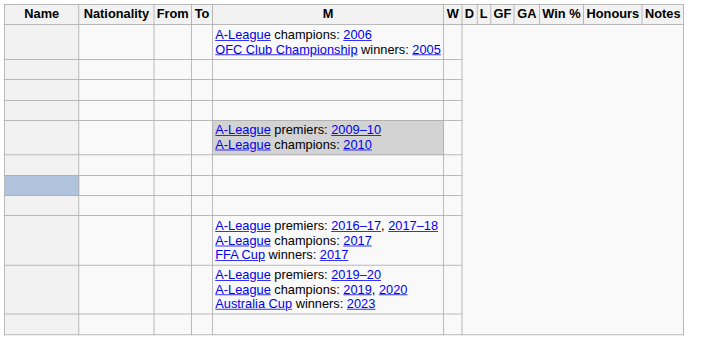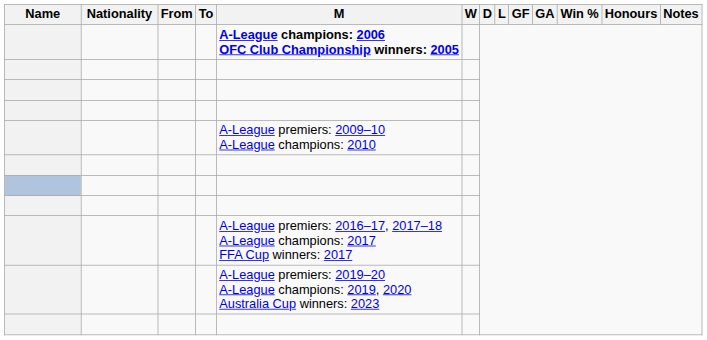 <table class="wikitable plainrowheaders sortable" style="text-align:center">
 <tr>
 <th width=11%>Name</th>
 <th width=11%>Nationality</th>
 <th>From</th>
 <th>To</th>
 <th>M</th>
 <th>W</th>
 <th>D</th>
 <th>L</th>
 <th>GF</th>
 <th>GA</th>
 <th>Win %</th>
 <th class="unsortable">Honours</th>
 <th class="unsortable">Notes</th>
 </tr>
 <tr>
 <th scope=row style=text-align:left></th>
 <td align=left></td>
 <td align=left></td>
 <td align=left><br></td>
-<td align=left><a href='#'>A-League</a> champions: <a href='#'>2006</a><br><a href='#'>OFC Club Championship</a> winners: <a href='#'>2005</a></td>
+<td align=left><strong><a href='#'>A-League</a> champions: <a href='#'>2006</a><br><a href='#'>OFC Club Championship</a> winners: <a href='#'>2005</a></strong></td>
 <td></td>
 </tr>
 <tr>
 <th scope=row style=text-align:left></th>
 <td align=left></td>
 <td align=left></td>
 <td align=left><br></td>
 <td></td>
 <td></td>
 </tr>
 <tr>
 <th scope=row style=text-align:left></th>
 <td align=left></td>
 <td align=left></td>
 <td align=left><br></td>
 <td></td>
 <td></td>
 </tr>
 <tr>
 <th scope=row style=text-align:left></th>
 <td align=left></td>
 <td align=left></td>
 <td align=left><br></td>
 <td></td>
 <td></td>
 </tr>
 <tr>
 <th scope=row style=text-align:left></th>
 <td align=left></td>
 <td align=left></td>
 <td align=left><br></td>
-<td align=left style="background: lightgrey;"><a href='#'>A-League</a> premiers: <a href='#'>2009–10</a><br><a href='#'>A-League</a> champions: <a href='#'>2010</a></td>
+<td align=left><a href='#'>A-League</a> premiers: <a href='#'>2009–10</a><br><a href='#'>A-League</a> champions: <a href='#'>2010</a></td>
 <td></td>
 </tr>
 <tr>
 <th scope=row style=text-align:left></th>
 <td align=left></td>
 <td align=left></td>
 <td align=left><br></td>
 <td></td>
 <td></td>
 </tr>
 <tr>
 <th scope=row style=background:#B0C4DE> </th>
 <td align=left></td>
 <td align=left></td>
 <td align=left><br></td>
 <td></td>
 <td></td>
 </tr>
 <tr>
 <th scope=row style=text-align:left></th>
 <td align=left></td>
 <td align=left></td>
 <td align=left><br></td>
 <td></td>
 <td></td>
 </tr>
 <tr>
 <th scope=row style=text-align:left></th>
 <td align=left></td>
 <td align=left></td>
 <td align=left><br></td>
 <td align=left><a href='#'>A-League</a> premiers: <a href='#'>2016–17</a>, <a href='#'>2017–18</a><br><a href='#'>A-League</a> champions: <a href='#'>2017</a><br><a href='#'>FFA Cup</a> winners: <a href='#'>2017</a></td>
 <td></td>
 </tr>
 <tr>
 <th scope=row style=text-align:left></th>
 <td align=left></td>
 <td align=left></td>
 <td align=left><br></td>
 <td align=left><a href='#'>A-League</a> premiers: <a href='#'>2019–20</a><br><a href='#'>A-League</a> champions: <a href='#'>2019</a>, <a href='#'>2020</a><br><a href='#'>Australia Cup</a> winners: <a href='#'>2023</a></td>
 <td></td>
 </tr>
 <tr>
 <th scope=row style=text-align:left></th>
 <td align=left></td>
 <td align=left></td>
 <td align=left><br></td>
 <td align=left></td>
 <td></td>
 </tr>
 </table>
